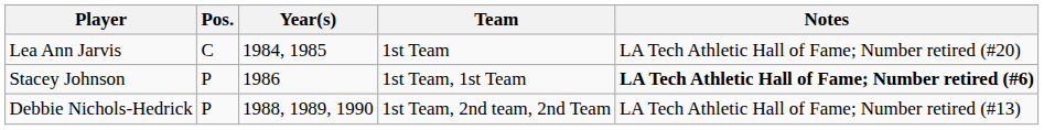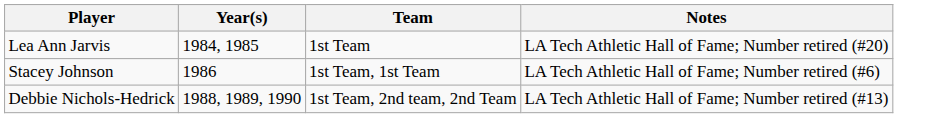 <table class="wikitable">
 <tr>
 <th width=px>Player</th>
-<th width=px>Pos.</th>
 <th width=px>Year(s)</th>
 <th width=px>Team</th>
 <th width=px>Notes</th>
 </tr>
 <tr>
 <td>Lea Ann Jarvis</td>
-<td>C</td>
 <td>1984, 1985</td>
 <td>1st Team</td>
 <td>LA Tech Athletic Hall of Fame; Number retired (#20)</td>
 </tr>
 <tr>
 <td>Stacey Johnson</td>
-<td>P</td>
 <td>1986</td>
 <td>1st Team, 1st Team</td>
-<td><strong>LA Tech Athletic Hall of Fame; Number retired (#6)</strong></td>
+<td>LA Tech Athletic Hall of Fame; Number retired (#6)</td>
 </tr>
 <tr>
 <td>Debbie Nichols-Hedrick</td>
-<td>P</td>
 <td>1988, 1989, 1990</td>
 <td>1st Team, 2nd team, 2nd Team</td>
 <td>LA Tech Athletic Hall of Fame; Number retired (#13)</td>
 </tr>
 </table>
